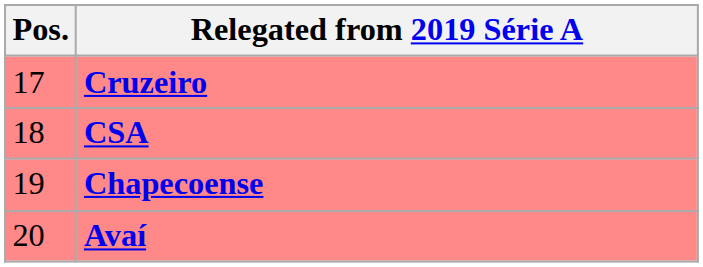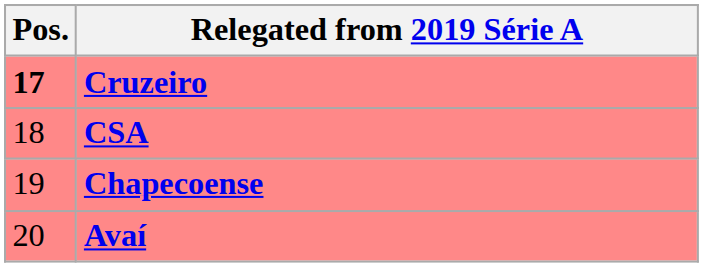 <table class="wikitable">
 <tr>
 <th style="text-align:center;">Pos.</th>
 <th width=300>Relegated from <a href='#'>2019 Série A</a></th>
 </tr>
 <tr style="background: #FF8888;">
-<td>17</td>
+<td><strong>17</strong></td>
 <td><strong><a href='#'>Cruzeiro</a></strong></td>
 </tr>
 <tr style="background: #FF8888;">
 <td>18</td>
 <td><strong><a href='#'>CSA</a></strong></td>
 </tr>
 <tr style="background: #FF8888;">
 <td>19</td>
 <td><strong><a href='#'>Chapecoense</a></strong></td>
 </tr>
 <tr style="background: #FF8888;">
 <td>20</td>
 <td><strong><a href='#'>Avaí</a></strong></td>
 </tr>
 </table>
